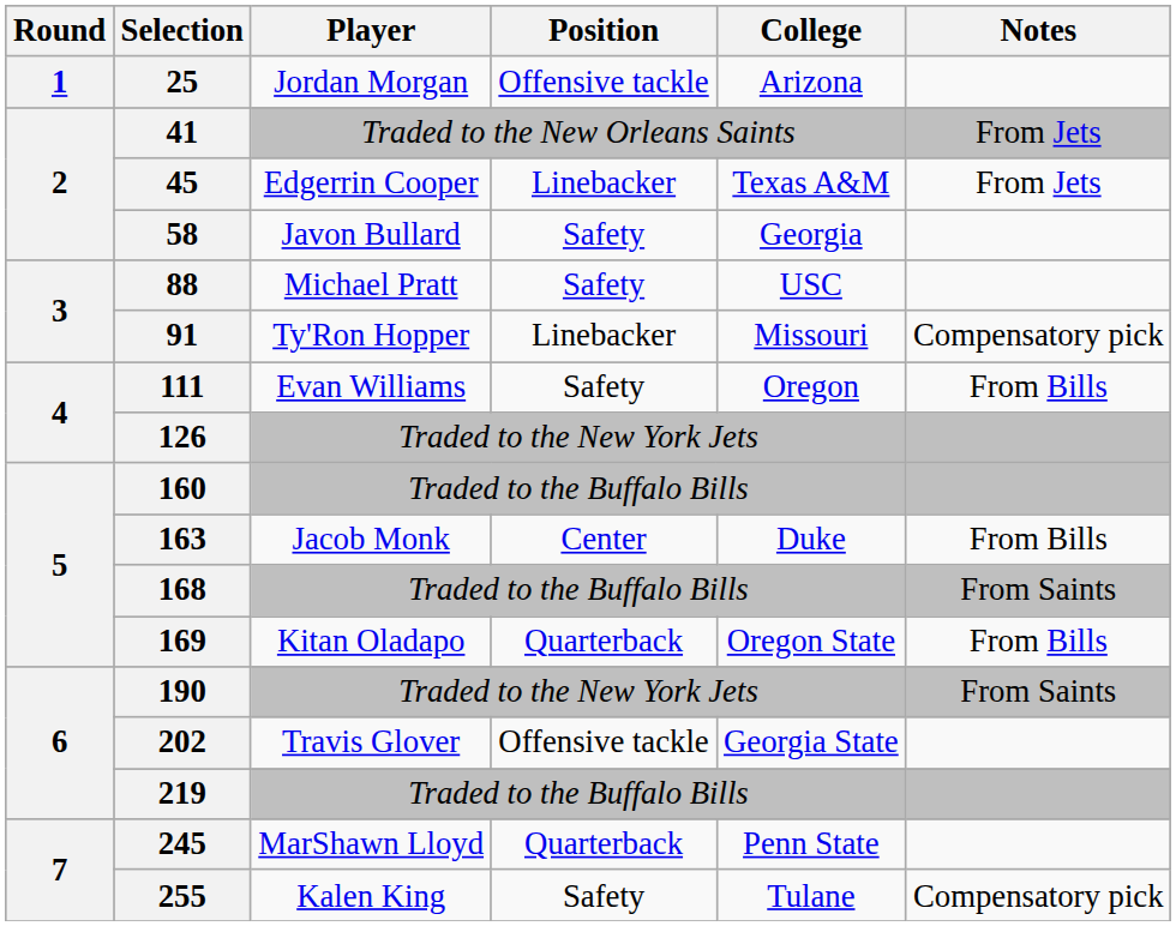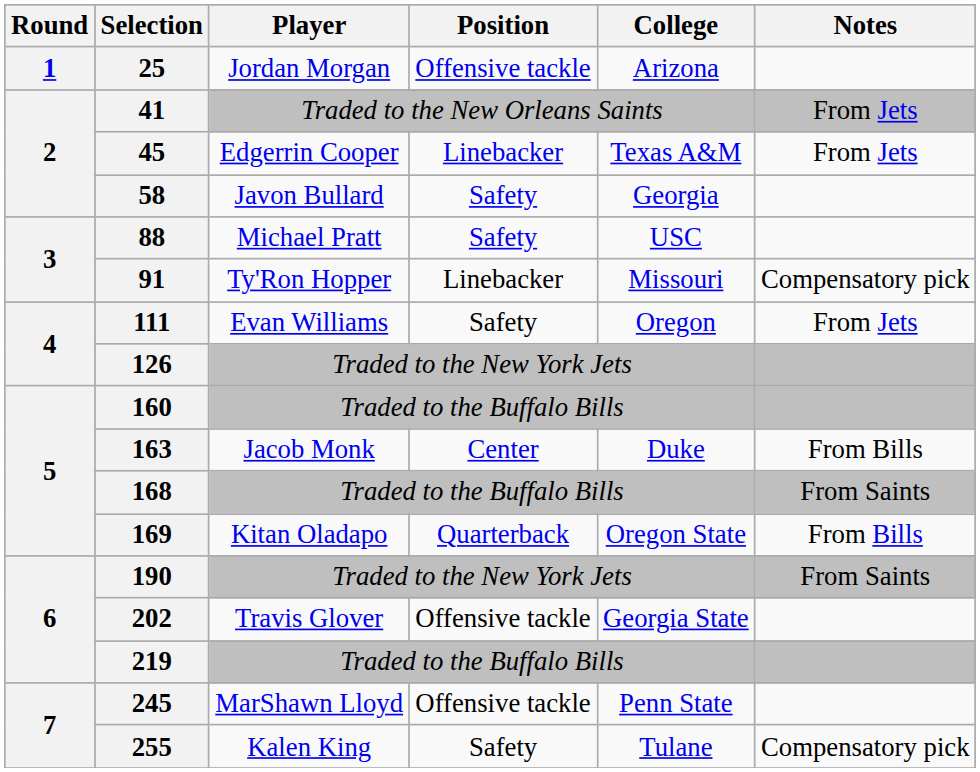 <table class="wikitable" style="text-align:center">
 <tr>
 <th>Round</th>
 <th>Selection</th>
 <th>Player</th>
 <th>Position</th>
 <th>College</th>
 <th>Notes</th>
 </tr>
 <tr>
 <th><a href='#'>1</a></th>
 <th>25</th>
 <td><a href='#'>Jordan Morgan</a></td>
 <td><a href='#'>Offensive tackle</a></td>
 <td><a href='#'>Arizona</a></td>
 <td></td>
 </tr>
 <tr>
 <th rowspan="3">2</th>
 <th>41</th>
 <td colspan="3" style="background:#BFBFBF"><em>Traded to the New Orleans Saints</em></td>
 <td style="background:#BFBFBF">From <a href='#'>Jets</a></td>
 </tr>
 <tr>
 <th>45</th>
 <td><a href='#'>Edgerrin Cooper</a></td>
 <td><a href='#'>Linebacker</a></td>
 <td><a href='#'>Texas A&M</a></td>
 <td>From <a href='#'>Jets</a></td>
 </tr>
 <tr>
 <th>58</th>
 <td><a href='#'>Javon Bullard</a></td>
 <td><a href='#'>Safety</a></td>
 <td><a href='#'>Georgia</a></td>
 <td></td>
 </tr>
 <tr>
 <th rowspan="2">3</th>
 <th>88</th>
 <td><a href='#'>Michael Pratt</a></td>
 <td><a href='#'>Safety</a></td>
 <td><a href='#'>USC</a></td>
 <td></td>
 </tr>
 <tr>
 <th>91</th>
 <td><a href='#'>Ty'Ron Hopper</a></td>
 <td>Linebacker</td>
 <td><a href='#'>Missouri</a></td>
 <td>Compensatory pick</td>
 </tr>
 <tr>
 <th rowspan="2">4</th>
 <th>111</th>
 <td><a href='#'>Evan Williams</a></td>
 <td>Safety</td>
 <td><a href='#'>Oregon</a></td>
-<td>From <a href='#'>Bills</a></td>
+<td>From <a href='#'>Jets</a></td>
 </tr>
 <tr>
 <th>126</th>
 <td colspan="3" style="background:#BFBFBF"><em>Traded to the New York Jets</em></td>
 <td style="background:#BFBFBF"></td>
 </tr>
 <tr>
 <th rowspan="4">5</th>
 <th>160</th>
 <td colspan="3" style="background:#BFBFBF"><em>Traded to the Buffalo Bills</em></td>
 <td style="background:#BFBFBF"></td>
 </tr>
 <tr>
 <th>163</th>
 <td><a href='#'>Jacob Monk</a></td>
 <td><a href='#'>Center</a></td>
 <td><a href='#'>Duke</a></td>
 <td>From Bills</td>
 </tr>
 <tr>
 <th>168</th>
 <td colspan="3" style="background:#BFBFBF"><em>Traded to the Buffalo Bills</em></td>
 <td style="background:#BFBFBF">From Saints</td>
 </tr>
 <tr>
 <th>169</th>
 <td><a href='#'>Kitan Oladapo</a></td>
 <td><a href='#'>Quarterback</a></td>
 <td><a href='#'>Oregon State</a></td>
 <td>From <a href='#'>Bills</a></td>
 </tr>
 <tr>
 <th rowspan="3">6</th>
 <th>190</th>
 <td colspan="3" style="background:#BFBFBF"><em>Traded to the New York Jets</em></td>
 <td style="background:#BFBFBF">From Saints</td>
 </tr>
 <tr>
 <th>202</th>
 <td><a href='#'>Travis Glover</a></td>
 <td>Offensive tackle</td>
 <td><a href='#'>Georgia State</a></td>
 <td></td>
 </tr>
 <tr>
 <th>219</th>
 <td colspan="3" style="background:#BFBFBF"><em>Traded to the Buffalo Bills</em></td>
 <td style="background:#BFBFBF"></td>
 </tr>
 <tr>
 <th rowspan="2">7</th>
 <th>245</th>
 <td><a href='#'>MarShawn Lloyd</a></td>
-<td><a href='#'>Quarterback</a></td>
+<td>Offensive tackle</td>
 <td><a href='#'>Penn State</a></td>
 <td></td>
 </tr>
 <tr>
 <th>255</th>
 <td><a href='#'>Kalen King</a></td>
 <td>Safety</td>
 <td><a href='#'>Tulane</a></td>
 <td>Compensatory pick</td>
 </tr>
 </table>
